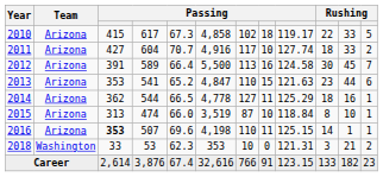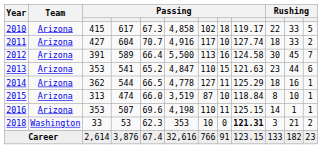 <table class="wikitable sortable" style="text-align:center">
 <tr>
 <th rowspan=2>Year</th>
 <th rowspan=2>Team</th>
 <th colspan=7>Passing</th>
 <th colspan=3>Rushing</th>
 </tr>
 <tr>
 <th></th>
 <th></th>
 <th></th>
 <th></th>
 <th></th>
 <th></th>
 <th></th>
 <th></th>
 <th></th>
 <th></th>
 </tr>
 <tr>
 <td><a href='#'>2010</a></td>
 <td><a href='#'>Arizona</a></td>
 <td>415</td>
 <td>617</td>
 <td>67.3</td>
 <td>4,858</td>
 <td>102</td>
 <td>18</td>
 <td>119.17</td>
 <td>22</td>
 <td>33</td>
 <td>5</td>
 </tr>
 <tr>
 <td><a href='#'>2011</a></td>
 <td><a href='#'>Arizona</a></td>
 <td>427</td>
 <td>604</td>
 <td>70.7</td>
 <td>4,916</td>
 <td>117</td>
 <td>10</td>
 <td>127.74</td>
 <td>18</td>
 <td>33</td>
 <td>2</td>
 </tr>
 <tr>
 <td><a href='#'>2012</a></td>
 <td><a href='#'>Arizona</a></td>
 <td>391</td>
 <td>589</td>
 <td>66.4</td>
 <td>5,500</td>
 <td>113</td>
 <td>16</td>
 <td>124.58</td>
 <td>30</td>
 <td>45</td>
 <td>7</td>
 </tr>
 <tr>
 <td><a href='#'>2013</a></td>
 <td><a href='#'>Arizona</a></td>
 <td>353</td>
 <td>541</td>
 <td>65.2</td>
 <td>4,847</td>
 <td>110</td>
 <td>15</td>
 <td>121.63</td>
 <td>23</td>
 <td>44</td>
 <td>6</td>
 </tr>
 <tr>
 <td><a href='#'>2014</a></td>
 <td><a href='#'>Arizona</a></td>
 <td>362</td>
 <td>544</td>
 <td>66.5</td>
 <td>4,778</td>
 <td>127</td>
 <td>11</td>
 <td>125.29</td>
 <td>18</td>
 <td>16</td>
 <td>1</td>
 </tr>
 <tr>
 <td><a href='#'>2015</a></td>
 <td><a href='#'>Arizona</a></td>
 <td>313</td>
 <td>474</td>
 <td>66.0</td>
 <td>3,519</td>
 <td>87</td>
 <td>10</td>
 <td>118.84</td>
 <td>8</td>
 <td>10</td>
 <td>1</td>
 </tr>
 <tr>
 <td><a href='#'>2016</a></td>
 <td><a href='#'>Arizona</a></td>
-<td><strong>353</strong></td>
+<td>353</td>
 <td>507</td>
 <td>69.6</td>
 <td>4,198</td>
 <td>110</td>
 <td>11</td>
 <td>125.15</td>
 <td>14</td>
 <td>1</td>
 <td>1</td>
 </tr>
 <tr>
 <td><a href='#'>2018</a></td>
 <td><a href='#'>Washington</a></td>
 <td>33</td>
 <td>53</td>
 <td>62.3</td>
 <td>353</td>
 <td>10</td>
 <td>0</td>
-<td>121.31</td>
+<td><strong>121.31</strong></td>
 <td>3</td>
 <td>21</td>
 <td>2</td>
 </tr>
 <tr class="sortbottom" style="background:#eee;">
 <td colspan=2><strong>Career</strong></td>
 <td>2,614</td>
 <td>3,876</td>
 <td>67.4</td>
 <td>32,616</td>
 <td>766</td>
 <td>91</td>
 <td>123.15</td>
 <td>133</td>
 <td>182</td>
 <td>23</td>
 </tr>
 </table>
